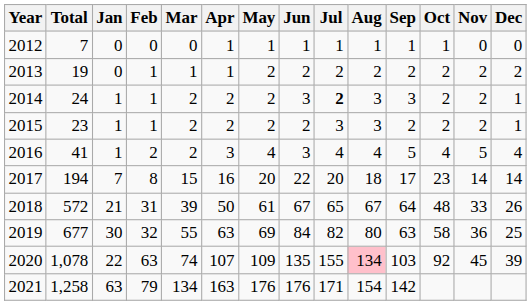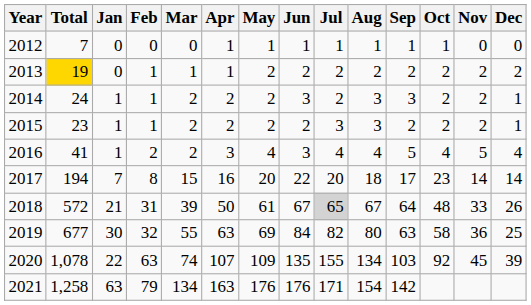 <table class="wikitable" style="text-align:right;">
 <tr>
 <th>Year</th>
 <th>Total</th>
 <th>Jan</th>
 <th>Feb</th>
 <th>Mar</th>
 <th>Apr</th>
 <th>May</th>
 <th>Jun</th>
 <th>Jul</th>
 <th>Aug</th>
 <th>Sep</th>
 <th>Oct</th>
 <th>Nov</th>
 <th>Dec</th>
 </tr>
 <tr align=right>
 <td>2012</td>
 <td>7</td>
 <td>0</td>
 <td>0</td>
 <td>0</td>
 <td>1</td>
 <td>1</td>
 <td>1</td>
 <td>1</td>
 <td>1</td>
 <td>1</td>
 <td>1</td>
 <td>0</td>
 <td>0</td>
 </tr>
 <tr align=right>
 <td>2013</td>
-<td>19</td>
+<td style="background: gold;">19</td>
 <td>0</td>
 <td>1</td>
 <td>1</td>
 <td>1</td>
 <td>2</td>
 <td>2</td>
 <td>2</td>
 <td>2</td>
 <td>2</td>
 <td>2</td>
 <td>2</td>
 <td>2</td>
 </tr>
 <tr align=right>
 <td>2014</td>
 <td>24</td>
 <td>1</td>
 <td>1</td>
 <td>2</td>
 <td>2</td>
 <td>2</td>
 <td>3</td>
-<td><strong>2</strong></td>
+<td>2</td>
 <td>3</td>
 <td>3</td>
 <td>2</td>
 <td>2</td>
 <td>1</td>
 </tr>
 <tr align=right>
 <td>2015</td>
 <td>23</td>
 <td>1</td>
 <td>1</td>
 <td>2</td>
 <td>2</td>
 <td>2</td>
 <td>2</td>
 <td>3</td>
 <td>3</td>
 <td>2</td>
 <td>2</td>
 <td>2</td>
 <td>1</td>
 </tr>
 <tr align=right>
 <td>2016</td>
 <td>41</td>
 <td>1</td>
 <td>2</td>
 <td>2</td>
 <td>3</td>
 <td>4</td>
 <td>3</td>
 <td>4</td>
 <td>4</td>
 <td>5</td>
 <td>4</td>
 <td>5</td>
 <td>4</td>
 </tr>
 <tr align=right>
 <td>2017</td>
 <td>194</td>
 <td>7</td>
 <td>8</td>
 <td>15</td>
 <td>16</td>
 <td>20</td>
 <td>22</td>
 <td>20</td>
 <td>18</td>
 <td>17</td>
 <td>23</td>
 <td>14</td>
 <td>14</td>
 </tr>
 <tr align=right>
 <td>2018</td>
 <td>572</td>
 <td>21</td>
 <td>31</td>
 <td>39</td>
 <td>50</td>
 <td>61</td>
 <td>67</td>
-<td>65</td>
+<td style="background: lightgrey;">65</td>
 <td>67</td>
 <td>64</td>
 <td>48</td>
 <td>33</td>
 <td>26</td>
 </tr>
 <tr align=right>
 <td>2019</td>
 <td>677</td>
 <td>30</td>
 <td>32</td>
 <td>55</td>
 <td>63</td>
 <td>69</td>
 <td>84</td>
 <td>82</td>
 <td>80</td>
 <td>63</td>
 <td>58</td>
 <td>36</td>
 <td>25</td>
 </tr>
 <tr align=right>
 <td>2020</td>
 <td>1,078</td>
 <td>22</td>
 <td>63</td>
 <td>74</td>
 <td>107</td>
 <td>109</td>
 <td>135</td>
 <td>155</td>
-<td style="background: pink;">134</td>
+<td>134</td>
 <td>103</td>
 <td>92</td>
 <td>45</td>
 <td>39</td>
 </tr>
 <tr align=right>
 <td>2021</td>
 <td>1,258</td>
 <td>63</td>
 <td>79</td>
 <td>134</td>
 <td>163</td>
 <td>176</td>
 <td>176</td>
 <td>171</td>
 <td>154</td>
 <td>142</td>
 <td></td>
 <td></td>
 </tr>
 </table>
